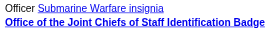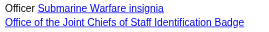 <table>
 <tr>
 <td> Officer <a href='#'>Submarine Warfare insignia</a></td>
 </tr>
 <tr>
-<td><strong> <a href='#'>Office of the Joint Chiefs of Staff Identification Badge</a></strong></td>
+<td> <a href='#'>Office of the Joint Chiefs of Staff Identification Badge</a></td>
 </tr>
 </table>
